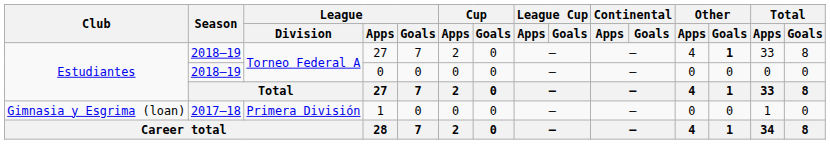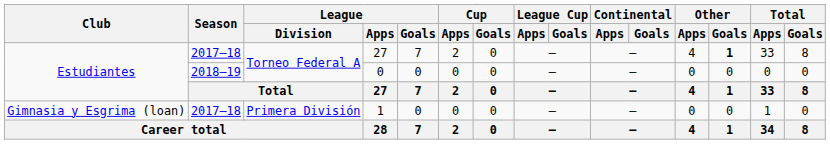 <table class="wikitable" style="text-align:center">
 <tr>
 <th rowspan="2">Club</th>
 <th rowspan="2">Season</th>
 <th colspan="3">League</th>
 <th colspan="2">Cup</th>
 <th colspan="2">League Cup</th>
 <th colspan="2">Continental</th>
 <th colspan="2">Other</th>
 <th colspan="2">Total</th>
 </tr>
 <tr>
 <th>Division</th>
 <th>Apps</th>
 <th>Goals</th>
 <th>Apps</th>
 <th>Goals</th>
 <th>Apps</th>
 <th>Goals</th>
 <th>Apps</th>
 <th>Goals</th>
 <th>Apps</th>
 <th>Goals</th>
 <th>Apps</th>
 <th>Goals</th>
 </tr>
 <tr>
 <td rowspan="3"><a href='#'>Estudiantes</a></td>
-<td><a href='#'>2018–19</a></td>
+<td><a href='#'>2017–18</a></td>
 <td rowspan="2"><a href='#'>Torneo Federal A</a></td>
 <td>27</td>
 <td>7</td>
 <td>2</td>
 <td>0</td>
 <td colspan="2">—</td>
 <td colspan="2">—</td>
 <td>4</td>
 <td><strong>1</strong></td>
 <td>33</td>
 <td>8</td>
 </tr>
 <tr>
 <td><a href='#'>2018–19</a></td>
 <td>0</td>
 <td>0</td>
 <td>0</td>
 <td>0</td>
 <td colspan="2">—</td>
 <td colspan="2">—</td>
 <td>0</td>
 <td>0</td>
 <td>0</td>
 <td>0</td>
 </tr>
 <tr>
 <th colspan="2">Total</th>
 <th>27</th>
 <th>7</th>
 <th>2</th>
 <th>0</th>
 <th colspan="2">—</th>
 <th colspan="2">—</th>
 <th>4</th>
 <th>1</th>
 <th>33</th>
 <th>8</th>
 </tr>
 <tr>
 <td rowspan="1"><a href='#'>Gimnasia y Esgrima</a> (loan)</td>
 <td><a href='#'>2017–18</a></td>
 <td rowspan="1"><a href='#'>Primera División</a></td>
 <td>1</td>
 <td>0</td>
 <td>0</td>
 <td>0</td>
 <td colspan="2">—</td>
 <td colspan="2">—</td>
 <td>0</td>
 <td>0</td>
 <td>1</td>
 <td>0</td>
 </tr>
 <tr>
 <th colspan="3">Career total</th>
 <th>28</th>
 <th>7</th>
 <th>2</th>
 <th>0</th>
 <th colspan="2">—</th>
 <th colspan="2">—</th>
 <th>4</th>
 <th>1</th>
 <th>34</th>
 <th>8</th>
 </tr>
 </table>
